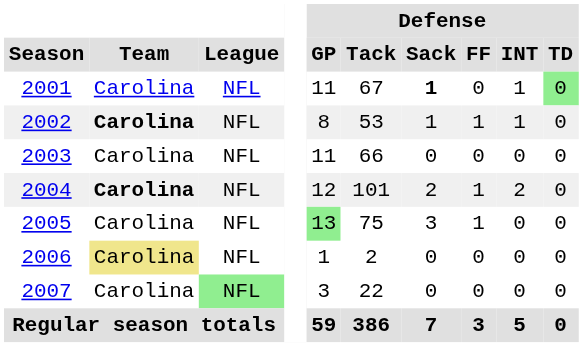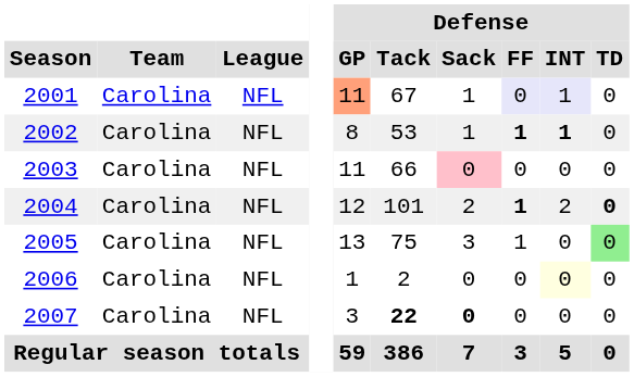 <table BORDER="0" CELLPADDING="3" CELLSPACING="0" ID="Table3">
 <tr style="text-align:center; background:#e0e0e0;">
 <th colspan="3" style="text-align:center; background:#fff;"> </th>
 <th rowspan="99" style="text-align:center; background:#fff;"> </th>
 <th style="text-align:center;" colspan="6">Defense</th>
 </tr>
 <tr style="text-align:center; background:#e0e0e0;">
 <th style="text-align:center;">Season</th>
 <th style="text-align:center;">Team</th>
 <th style="text-align:center;">League</th>
 <th style="text-align:center;">GP</th>
 <th style="text-align:center;">Tack</th>
 <th style="text-align:center;">Sack</th>
 <th style="text-align:center;">FF</th>
 <th style="text-align:center;">INT</th>
 <th style="text-align:center;">TD</th>
 </tr>
 <tr style="text-align:center;">
 <td><a href='#'>2001</a></td>
 <td><a href='#'>Carolina</a></td>
 <td><a href='#'>NFL</a></td>
-<td>11</td>
+<td style="background: lightsalmon;">11</td>
 <td>67</td>
-<td><strong>1</strong></td>
+<td>1</td>
+<td style="background: lavender;">0</td>
+<td style="background: lavender;">1</td>
 <td>0</td>
-<td>1</td>
-<td style="background: lightgreen;">0</td>
 </tr>
 <tr style="text-align:center; background:#f0f0f0;">
 <td><a href='#'>2002</a></td>
-<td><strong>Carolina</strong></td>
+<td>Carolina</td>
 <td>NFL</td>
 <td>8</td>
 <td>53</td>
 <td>1</td>
-<td>1</td>
-<td>1</td>
+<td><strong>1</strong></td>
+<td><strong>1</strong></td>
 <td>0</td>
 </tr>
 <tr style="text-align:center;">
 <td><a href='#'>2003</a></td>
 <td>Carolina</td>
 <td>NFL</td>
 <td>11</td>
 <td>66</td>
-<td>0</td>
+<td style="background: pink;">0</td>
 <td>0</td>
 <td>0</td>
 <td>0</td>
 </tr>
 <tr style="text-align:center; background:#f0f0f0;">
 <td><a href='#'>2004</a></td>
-<td><strong>Carolina</strong></td>
+<td>Carolina</td>
 <td>NFL</td>
 <td>12</td>
 <td>101</td>
 <td>2</td>
-<td>1</td>
+<td><strong>1</strong></td>
 <td>2</td>
-<td>0</td>
+<td><strong>0</strong></td>
 </tr>
 <tr style="text-align:center;">
 <td><a href='#'>2005</a></td>
 <td>Carolina</td>
 <td>NFL</td>
-<td style="background: lightgreen;">13</td>
+<td>13</td>
 <td>75</td>
 <td>3</td>
 <td>1</td>
 <td>0</td>
-<td>0</td>
+<td style="background: lightgreen;">0</td>
 </tr>
 <tr style="text-align:center;">
 <td><a href='#'>2006</a></td>
-<td style="background: khaki;">Carolina</td>
+<td>Carolina</td>
 <td>NFL</td>
 <td>1</td>
 <td>2</td>
 <td>0</td>
 <td>0</td>
-<td>0</td>
+<td style="background: lightyellow;">0</td>
 <td>0</td>
 </tr>
 <tr style="text-align:center;">
 <td><a href='#'>2007</a></td>
 <td>Carolina</td>
-<td style="background: lightgreen;">NFL</td>
+<td>NFL</td>
 <td>3</td>
-<td>22</td>
-<td>0</td>
+<td><strong>22</strong></td>
+<td><strong>0</strong></td>
 <td>0</td>
 <td>0</td>
 <td>0</td>
 </tr>
 <tr style="text-align:center; background:#e0e0e0;">
 <th colspan="3">Regular season totals</th>
 <th style="text-align:center;">59</th>
 <th style="text-align:center;">386</th>
 <th style="text-align:center;">7</th>
 <th style="text-align:center;">3</th>
 <th style="text-align:center;">5</th>
 <th style="text-align:center;">0</th>
 </tr>
 </table>
